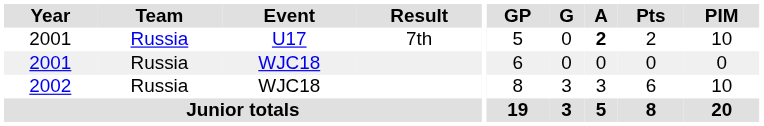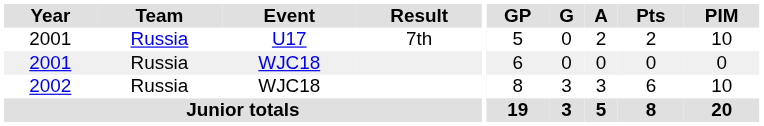 <table border="0" cellpadding="1" cellspacing="0" ID="Table3" style="text-align:center; width:40em">
 <tr align="center" bgcolor="#e0e0e0">
 <th>Year</th>
 <th>Team</th>
 <th>Event</th>
 <th>Result</th>
 <th rowspan="99" bgcolor="#ffffff"></th>
 <th>GP</th>
 <th>G</th>
 <th>A</th>
 <th>Pts</th>
 <th>PIM</th>
 </tr>
 <tr>
 <td>2001</td>
 <td><a href='#'>Russia</a></td>
 <td><a href='#'>U17</a></td>
 <td>7th</td>
 <td>5</td>
 <td>0</td>
-<td><strong>2</strong></td>
+<td>2</td>
 <td>2</td>
 <td>10</td>
 </tr>
 <tr bgcolor="#f0f0f0">
 <td><a href='#'>2001</a></td>
 <td>Russia</td>
 <td><a href='#'>WJC18</a></td>
 <td></td>
 <td>6</td>
 <td>0</td>
 <td>0</td>
 <td>0</td>
 <td>0</td>
 </tr>
 <tr>
 <td><a href='#'>2002</a></td>
 <td>Russia</td>
 <td>WJC18</td>
 <td></td>
 <td>8</td>
 <td>3</td>
 <td>3</td>
 <td>6</td>
 <td>10</td>
 </tr>
 <tr bgcolor="#e0e0e0">
 <th colspan="4">Junior totals</th>
 <th>19</th>
 <th>3</th>
 <th>5</th>
 <th>8</th>
 <th>20</th>
 </tr>
 </table>
